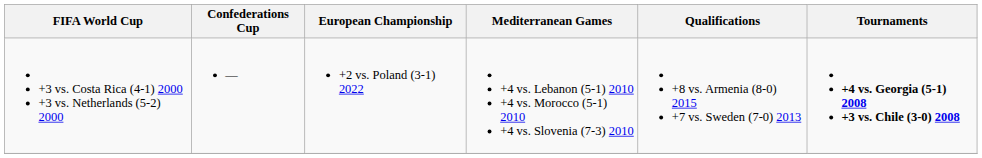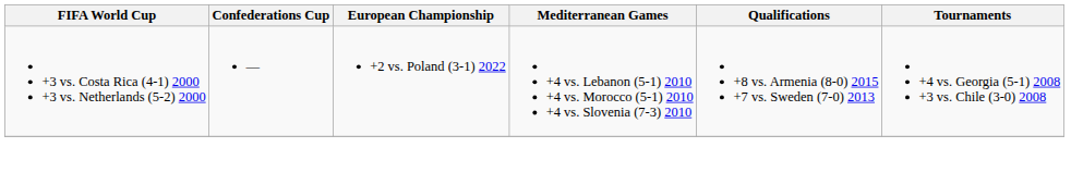 <table class="wikitable">
 <tr>
 <th>FIFA World Cup</th>
 <th>Confederations Cup</th>
 <th>European Championship</th>
 <th>Mediterranean Games</th>
 <th>Qualifications</th>
 <th>Tournaments</th>
 </tr>
 <tr style="vertical-align:top;">
 <td><br><ul><li></li><li>+3 vs. Costa Rica (4-1) <a href='#'>2000</a></li><li>+3 vs. Netherlands (5-2) <a href='#'>2000</a></li></ul></td>
 <td><br><ul><li>—</li></ul></td>
 <td><br><ul><li>+2 vs. Poland (3-1) <a href='#'>2022</a></li></ul></td>
 <td><br><ul><li></li><li>+4 vs. Lebanon (5-1) <a href='#'>2010</a></li><li>+4 vs. Morocco (5-1) <a href='#'>2010</a></li><li>+4 vs. Slovenia (7-3) <a href='#'>2010</a></li></ul></td>
 <td><br><ul><li></li><li>+8 vs. Armenia (8-0) <a href='#'>2015</a></li><li>+7 vs. Sweden (7-0) <a href='#'>2013</a></li></ul></td>
-<td><strong><br><ul><li></li><li>+4 vs. Georgia (5-1) <a href='#'>2008</a></li><li>+3 vs. Chile (3-0) <a href='#'>2008</a></li></ul></strong></td>
+<td><br><ul><li></li><li>+4 vs. Georgia (5-1) <a href='#'>2008</a></li><li>+3 vs. Chile (3-0) <a href='#'>2008</a></li></ul></td>
 </tr>
 <tr>
 </tr>
 </table>
